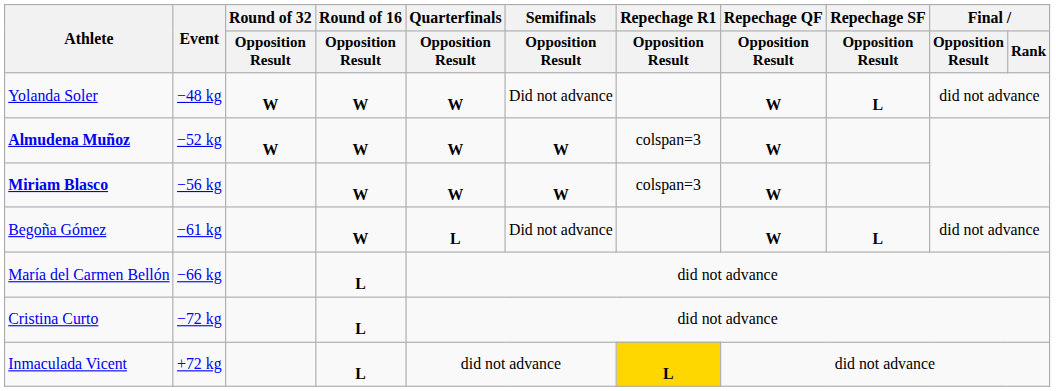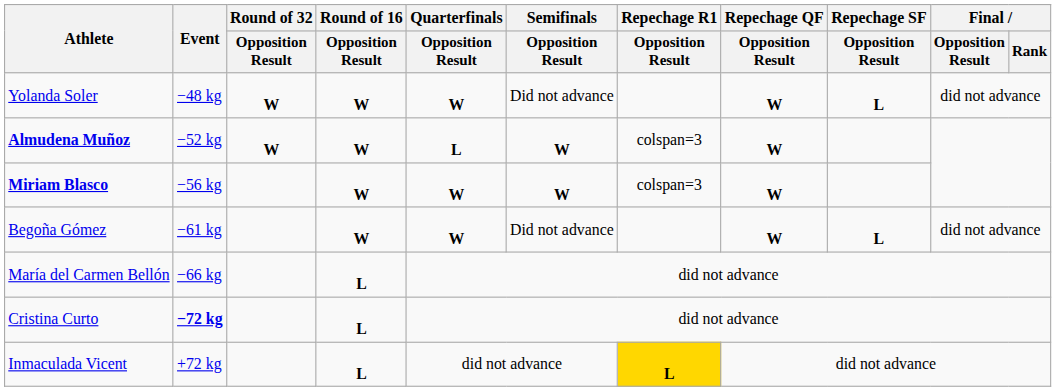 <table class="wikitable" style="font-size:90%">
 <tr>
 <th rowspan="2">Athlete</th>
 <th rowspan="2">Event</th>
 <th>Round of 32</th>
 <th>Round of 16</th>
 <th>Quarterfinals</th>
 <th>Semifinals</th>
 <th>Repechage R1</th>
 <th>Repechage QF</th>
 <th>Repechage SF</th>
 <th colspan=2>Final / </th>
 </tr>
 <tr style="font-size:95%">
 <th>Opposition<br>Result</th>
 <th>Opposition<br>Result</th>
 <th>Opposition<br>Result</th>
 <th>Opposition<br>Result</th>
 <th>Opposition<br>Result</th>
 <th>Opposition<br>Result</th>
 <th>Opposition<br>Result</th>
 <th>Opposition<br>Result</th>
 <th>Rank</th>
 </tr>
 <tr align=center>
 <td align=left><a href='#'>Yolanda Soler</a></td>
 <td align=left><a href='#'>−48 kg</a></td>
 <td><br><strong>W</strong></td>
 <td><br><strong>W</strong></td>
 <td><br><strong>W</strong></td>
 <td>Did not advance</td>
 <td></td>
 <td><br><strong>W</strong></td>
 <td><br><strong>L</strong></td>
 <td colspan=2>did not advance</td>
 </tr>
 <tr align=center>
 <td align=left><strong><a href='#'>Almudena Muñoz</a></strong></td>
 <td align=left><a href='#'>−52 kg</a></td>
 <td><br><strong>W</strong></td>
 <td><br><strong>W</strong></td>
-<td><br><strong>W</strong></td>
+<td><br><strong>L</strong></td>
 <td><br><strong>W</strong></td>
 <td>colspan=3 </td>
 <td><br><strong>W</strong></td>
 <td></td>
 </tr>
 <tr align=center>
 <td align=left><strong><a href='#'>Miriam Blasco</a></strong></td>
 <td align=left><a href='#'>−56 kg</a></td>
 <td></td>
 <td><br><strong>W</strong></td>
 <td><br><strong>W</strong></td>
 <td><br><strong>W</strong></td>
 <td>colspan=3 </td>
 <td><br><strong>W</strong></td>
 <td></td>
 </tr>
 <tr align=center>
 <td align=left><a href='#'>Begoña Gómez</a></td>
 <td align=left><a href='#'>−61 kg</a></td>
 <td></td>
 <td><br><strong>W</strong></td>
-<td><br><strong>L</strong></td>
+<td><br><strong>W</strong></td>
 <td>Did not advance</td>
 <td></td>
 <td><br><strong>W</strong></td>
 <td><br><strong>L</strong></td>
 <td colspan=2>did not advance</td>
 </tr>
 <tr align=center>
 <td align=left><a href='#'>María del Carmen Bellón</a></td>
 <td align=left><a href='#'>−66 kg</a></td>
 <td></td>
 <td><br><strong>L</strong></td>
 <td colspan=7>did not advance</td>
 </tr>
 <tr align=center>
 <td align=left><a href='#'>Cristina Curto</a></td>
-<td align=left><a href='#'>−72 kg</a></td>
+<td align=left><strong><a href='#'>−72 kg</a></strong></td>
 <td></td>
 <td><br><strong>L</strong></td>
 <td colspan=7>did not advance</td>
 </tr>
 <tr align=center>
 <td align=left><a href='#'>Inmaculada Vicent</a></td>
 <td align=left><a href='#'>+72 kg</a></td>
 <td></td>
 <td><br><strong>L</strong></td>
 <td colspan=2>did not advance</td>
 <td style="background: gold;"><br><strong>L</strong></td>
 <td colspan=4>did not advance</td>
 </tr>
 </table>
